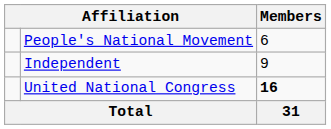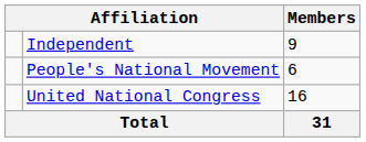 <table class="wikitable">
 <tr>
 <th colspan="2">Affiliation</th>
 <th>Members</th>
+</tr>
+<tr>
+<td style="background:"> </td>
+<td><a href='#'>Independent</a></td>
+<td>9</td>
 </tr>
 <tr>
 <td style="background:"> </td>
 <td><a href='#'>People's National Movement</a></td>
 <td>6</td>
 </tr>
 <tr>
 <td style="background:"> </td>
-<td><a href='#'>Independent</a></td>
-<td>9</td>
-</tr>
-<tr>
-<td style="background:"> </td>
 <td><a href='#'>United National Congress</a></td>
-<td><strong>16</strong></td>
+<td>16</td>
 </tr>
 <tr>
 <th colspan="2" style="text-align:center;">Total</th>
 <th align="center">31</th>
 </tr>
 </table>
